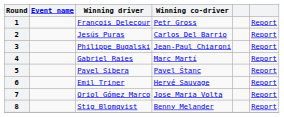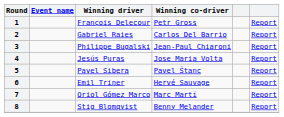 <table class="wikitable" style="font-size:90%;">
 <tr>
 <th style="background-color:#f2f3f4">Round</th>
 <th style="background-color:#f2f3f4"><a href='#'>Event name</a></th>
 <th style="background-color:#f2f3f4">Winning driver</th>
 <th style="background-color:#f2f3f4">Winning co-driver</th>
 <th style="background-color:#f2f3f4"></th>
 <th style="background-color:#f2f3f4" class="unsortable"></th>
 </tr>
 <tr>
 <th style="background-color:#f2f3f4">1</th>
 <td style="padding-right:24px"></td>
 <td> <a href='#'>François Delecour</a></td>
 <td> <a href='#'>Petr Gross</a></td>
 <td style="padding-right:24px"></td>
 <td><a href='#'>Report</a></td>
 </tr>
 <tr>
 <th style="background-color:#f2f3f4">2</th>
 <td style="padding-right:24px"></td>
-<td> <a href='#'>Jesús Puras</a></td>
+<td> <a href='#'>Gabriel Raies</a></td>
 <td> <a href='#'>Carlos Del Barrio</a></td>
 <td style="padding-right:24px"></td>
 <td><a href='#'>Report</a></td>
 </tr>
 <tr>
 <th style="background-color:#f2f3f4">3</th>
 <td style="padding-right:24px"></td>
 <td> <a href='#'>Philippe Bugalski</a></td>
 <td> <a href='#'>Jean-Paul Chiaroni</a></td>
 <td style="padding-right:24px"></td>
 <td><a href='#'>Report</a></td>
 </tr>
 <tr>
 <th style="background-color:#f2f3f4">4</th>
 <td style="padding-right:24px"></td>
-<td> <a href='#'>Gabriel Raies</a></td>
-<td> <a href='#'>Marc Martí</a></td>
+<td> <a href='#'>Jesús Puras</a></td>
+<td> <a href='#'>Jose Maria Volta</a></td>
 <td style="padding-right:24px"></td>
 <td><a href='#'>Report</a></td>
 </tr>
 <tr>
 <th style="background-color:#f2f3f4">5</th>
 <td style="padding-right:24px"></td>
 <td> <a href='#'>Pavel Sibera</a></td>
 <td> <a href='#'>Pavel Štanc</a></td>
 <td style="padding-right:24px"></td>
 <td><a href='#'>Report</a></td>
 </tr>
 <tr>
 <th style="background-color:#f2f3f4">6</th>
 <td style="padding-right:24px"></td>
 <td> <a href='#'>Emil Triner</a></td>
 <td> <a href='#'>Hervé Sauvage</a></td>
 <td style="padding-right:24px"></td>
 <td><a href='#'>Report</a></td>
 </tr>
 <tr>
 <th style="background-color:#f2f3f4">7</th>
 <td style="padding-right:24px"></td>
 <td> <a href='#'>Oriol Gómez Marco</a></td>
-<td> <a href='#'>Jose Maria Volta</a></td>
+<td> <a href='#'>Marc Martí</a></td>
 <td style="padding-right:24px"></td>
 <td><a href='#'>Report</a></td>
 </tr>
 <tr>
 <th style="background-color:#f2f3f4">8</th>
 <td style="padding-right:24px"></td>
 <td> <a href='#'>Stig Blomqvist</a></td>
 <td> <a href='#'>Benny Melander</a></td>
 <td style="padding-right:24px"></td>
 <td><a href='#'>Report</a></td>
 </tr>
 <tr>
 </tr>
 </table>
